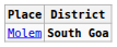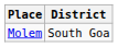 <table class="wikitable sortable">
 <tr>
 <th>Place</th>
 <th>District</th>
 </tr>
 <tr>
 <td><a href='#'>Molem</a></td>
-<td><strong>South Goa</strong></td>
+<td>South Goa</td>
 </tr>
 </table>
